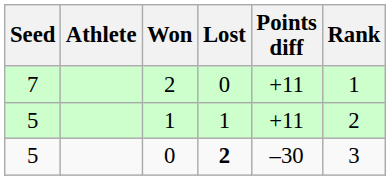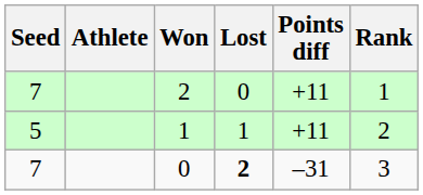 <table class="wikitable">
 <tr>
 <th>Seed</th>
 <th>Athlete</th>
 <th>Won</th>
 <th>Lost</th>
 <th>Points<br>diff</th>
 <th>Rank</th>
 </tr>
 <tr bgcolor="#ccffcc">
 <td align="center">7</td>
 <td><strong></td>
 <td align="center">2</td>
 <td align="center">0</td>
 <td align="center">+11</td>
 <td align="center">1</td>
 </tr>
 <tr bgcolor="#ccffcc">
 <td align="center">5</td>
 <td></strong></td>
 <td align="center">1</td>
 <td align="center">1</td>
 <td align="center">+11</td>
 <td align="center">2</td>
 </tr>
 <tr>
-<td align="center">5</td>
+<td align="center">7</td>
 <td></td>
 <td align="center">0</td>
 <td align="center"><strong>2</strong></td>
-<td align="center">–30</td>
+<td align="center">–31</td>
 <td align="center">3</td>
 </tr>
 </table>
